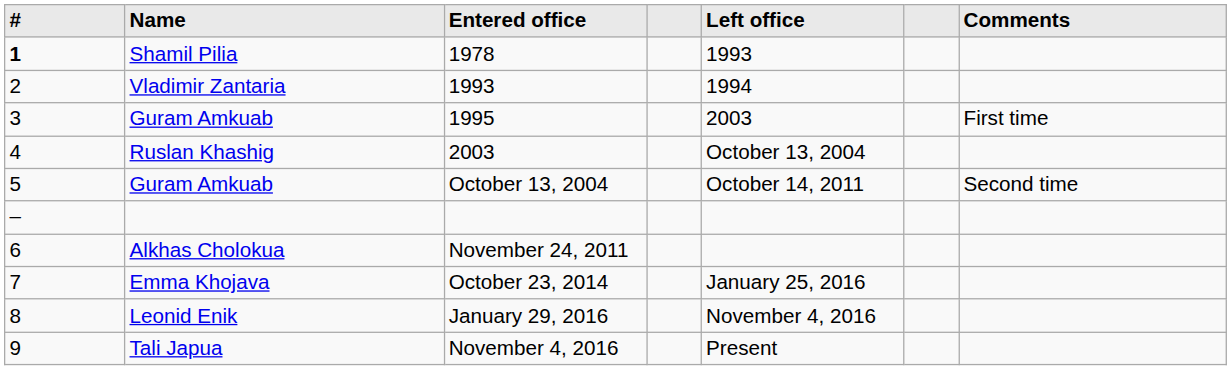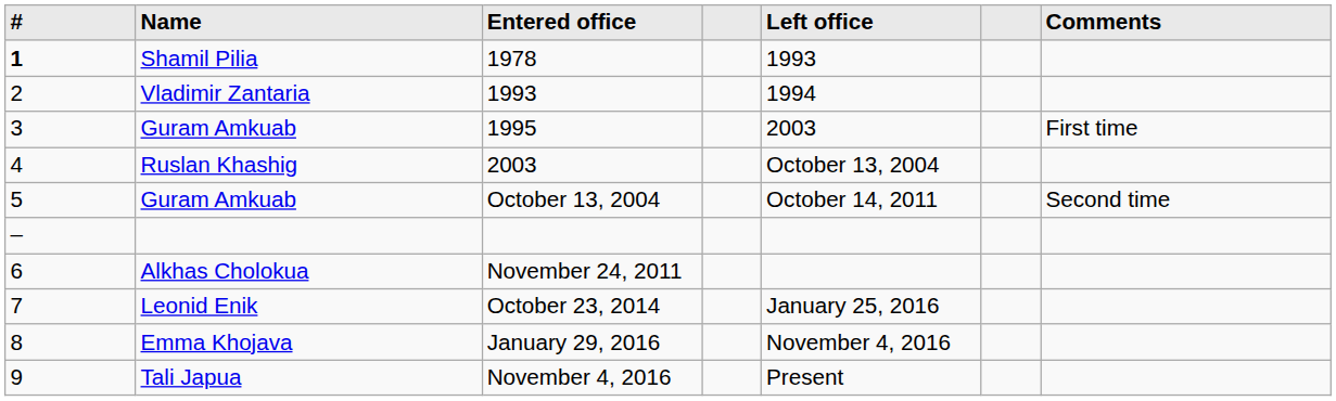 <table class="wikitable" width=75% cellpadding="2">
 <tr style="background-color:#E9E9E9; font-weight:bold" align=left>
 <td>#</td>
 <td width=240>Name</td>
 <td width=150>Entered office</td>
 <td></td>
 <td width=150>Left office</td>
 <td></td>
 <td width=200>Comments</td>
 </tr>
 <tr>
 <td><strong>1</strong></td>
 <td><a href='#'>Shamil Pilia</a></td>
 <td>1978</td>
 <td></td>
 <td>1993</td>
 <td></td>
 <td></td>
 </tr>
 <tr>
 <td>2</td>
 <td><a href='#'>Vladimir Zantaria</a></td>
 <td>1993</td>
 <td></td>
 <td>1994</td>
 <td></td>
 <td></td>
 </tr>
 <tr>
 <td>3</td>
 <td><a href='#'>Guram Amkuab</a></td>
 <td>1995</td>
 <td></td>
 <td>2003</td>
 <td></td>
 <td>First time</td>
 </tr>
 <tr>
 <td>4</td>
 <td><a href='#'>Ruslan Khashig</a></td>
 <td>2003</td>
 <td></td>
 <td>October 13, 2004</td>
 <td></td>
 <td></td>
 </tr>
 <tr>
 <td>5</td>
 <td><a href='#'>Guram Amkuab</a></td>
 <td>October 13, 2004</td>
 <td></td>
 <td>October 14, 2011</td>
 <td></td>
 <td>Second time</td>
 </tr>
 <tr>
 <td>–</td>
 <td></td>
 <td></td>
 <td></td>
 <td></td>
 <td></td>
 <td></td>
 </tr>
 <tr>
 <td>6</td>
 <td><a href='#'>Alkhas Cholokua</a></td>
 <td>November 24, 2011</td>
 <td></td>
 <td></td>
 <td></td>
 <td></td>
 </tr>
 <tr>
 <td>7</td>
-<td><a href='#'>Emma Khojava</a></td>
+<td><a href='#'>Leonid Enik</a></td>
 <td>October 23, 2014</td>
 <td></td>
 <td>January 25, 2016</td>
 <td></td>
 <td></td>
 </tr>
 <tr>
 <td>8</td>
-<td><a href='#'>Leonid Enik</a></td>
+<td><a href='#'>Emma Khojava</a></td>
 <td>January 29, 2016</td>
 <td></td>
 <td>November 4, 2016</td>
 <td></td>
 <td></td>
 </tr>
 <tr>
 <td>9</td>
 <td><a href='#'>Tali Japua</a></td>
 <td>November 4, 2016</td>
 <td></td>
 <td>Present</td>
 <td></td>
 <td></td>
 </tr>
 </table>
